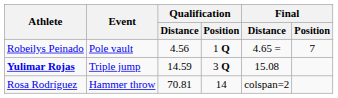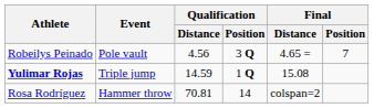 <table class=wikitable style=font-size:90%>
 <tr>
 <th rowspan=2>Athlete</th>
 <th rowspan=2>Event</th>
 <th colspan=2>Qualification</th>
 <th colspan=2>Final</th>
 </tr>
 <tr style=font-size:95%>
 <th>Distance</th>
 <th>Position</th>
 <th>Distance</th>
 <th>Position</th>
 </tr>
 <tr align=center>
 <td align=left><a href='#'>Robeilys Peinado</a></td>
 <td align=left><a href='#'>Pole vault</a></td>
 <td>4.56 </td>
-<td>1 <strong>Q</strong></td>
+<td>3 <strong>Q</strong></td>
 <td>4.65 =</td>
 <td>7</td>
 </tr>
 <tr align=center>
 <td align=left><strong><a href='#'>Yulimar Rojas</a></strong></td>
 <td align=left><a href='#'>Triple jump</a></td>
 <td>14.59</td>
-<td>3 <strong>Q</strong></td>
+<td>1 <strong>Q</strong></td>
 <td>15.08</td>
 <td></td>
 </tr>
 <tr align=center>
 <td align=left><a href='#'>Rosa Rodríguez</a></td>
 <td align=left><a href='#'>Hammer throw</a></td>
 <td>70.81</td>
 <td>14</td>
 <td>colspan=2 </td>
 </tr>
 </table>
